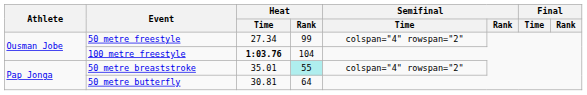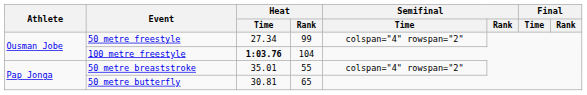 <table class="wikitable" style="text-align:center; font-size:90%; width:50%;">
 <tr>
 <th rowspan="2">Athlete</th>
 <th rowspan="2">Event</th>
 <th colspan="2">Heat</th>
 <th colspan="2">Semifinal</th>
 <th colspan="2">Final</th>
 </tr>
 <tr style="font-size:95%">
 <th>Time</th>
 <th>Rank</th>
 <th>Time</th>
 <th>Rank</th>
 <th>Time</th>
 <th>Rank</th>
 </tr>
 <tr align=center>
 <td align=left rowspan="2"><a href='#'>Ousman Jobe</a></td>
 <td align=left><a href='#'>50 metre freestyle</a></td>
 <td>27.34</td>
 <td>99</td>
 <td>colspan="4" rowspan="2" </td>
 </tr>
 <tr align=center>
 <td align=left><a href='#'>100 metre freestyle</a></td>
 <td><strong>1:03.76</strong></td>
 <td>104</td>
 </tr>
 <tr align=center>
 <td align=left rowspan="2"><a href='#'>Pap Jonga</a></td>
 <td align=left><a href='#'>50 metre breaststroke</a></td>
 <td>35.01</td>
-<td style="background: paleturquoise;">55</td>
+<td>55</td>
 <td>colspan="4" rowspan="2" </td>
 </tr>
 <tr align=center>
 <td align=left><a href='#'>50 metre butterfly</a></td>
 <td>30.81</td>
-<td>64</td>
+<td>65</td>
 </tr>
 </table>
